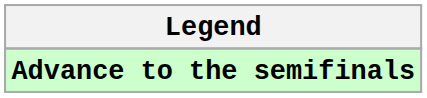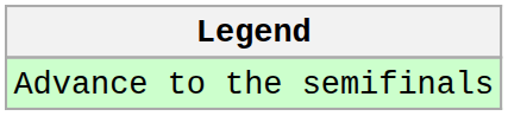 <table class="wikitable">
 <tr>
 <th>Legend</th>
 </tr>
 <tr>
 </tr>
 <tr style="background:#ccffcc">
-<td><strong>Advance to the semifinals</strong></td>
+<td>Advance to the semifinals</td>
 </tr>
 </table>
